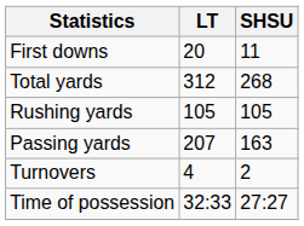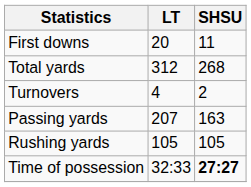 <table class="wikitable" style="float: left;">
 <tr>
 <th>Statistics</th>
 <th>LT</th>
 <th>SHSU</th>
 </tr>
 <tr>
 <td>First downs</td>
 <td>20</td>
 <td>11</td>
 </tr>
 <tr>
 <td>Total yards</td>
 <td>312</td>
 <td>268</td>
 </tr>
 <tr>
-<td>Rushing yards</td>
-<td>105</td>
-<td>105</td>
+<td>Turnovers</td>
+<td>4</td>
+<td>2</td>
 </tr>
 <tr>
 <td>Passing yards</td>
 <td>207</td>
 <td>163</td>
 </tr>
 <tr>
-<td>Turnovers</td>
-<td>4</td>
-<td>2</td>
+<td>Rushing yards</td>
+<td>105</td>
+<td>105</td>
 </tr>
 <tr>
 <td>Time of possession</td>
 <td>32:33</td>
-<td>27:27</td>
+<td><strong>27:27</strong></td>
 </tr>
 <tr>
 </tr>
 </table>
